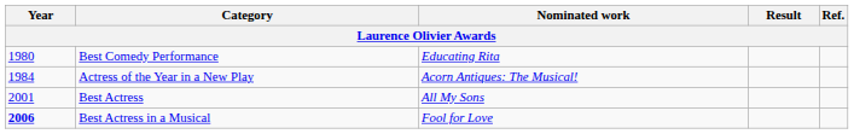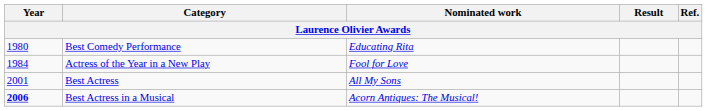 <table class="wikitable">
 <tr>
 <th scope="col" style="width:5em;">Year</th>
 <th scope="col" style="width:26em;">Category</th>
 <th scope="col" style="width:25em;">Nominated work</th>
 <th scope="col" style="width:5em;">Result</th>
 <th>Ref.</th>
 </tr>
 <tr>
 <th colspan="5"><a href='#'>Laurence Olivier Awards</a></th>
 </tr>
 <tr>
 <td><a href='#'>1980</a></td>
 <td><a href='#'>Best Comedy Performance</a></td>
 <td><a href='#'><em>Educating Rita</em></a></td>
 <td></td>
 <td></td>
 </tr>
 <tr>
 <td><a href='#'>1984</a></td>
 <td><a href='#'>Actress of the Year in a New Play</a></td>
-<td><a href='#'><em>Acorn Antiques: The Musical!</em></a></td>
+<td><a href='#'><em>Fool for Love</em></a></td>
 <td></td>
 <td></td>
 </tr>
 <tr>
 <td><a href='#'>2001</a></td>
 <td><a href='#'>Best Actress</a></td>
 <td><a href='#'><em>All My Sons</em></a></td>
 <td></td>
 <td></td>
 </tr>
 <tr>
 <td><strong><a href='#'>2006</a></strong></td>
 <td><a href='#'>Best Actress in a Musical</a></td>
-<td><a href='#'><em>Fool for Love</em></a></td>
+<td><a href='#'><em>Acorn Antiques: The Musical!</em></a></td>
 <td></td>
 <td></td>
 </tr>
 </table>
